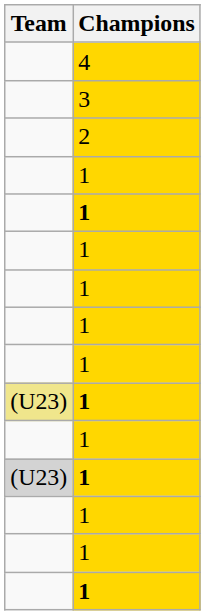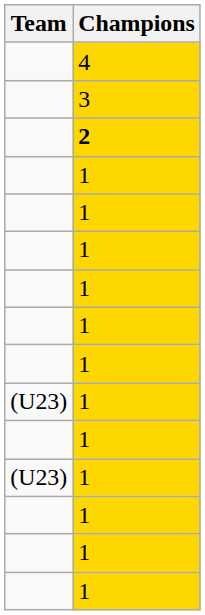 <table class="wikitable">
 <tr>
 <th>Team</th>
 <th>Champions</th>
 </tr>
 <tr>
 <td><strong></strong></td>
 <td style=background:gold>4</td>
 </tr>
 <tr>
 <td><strong></strong></td>
 <td style=background:gold>3</td>
 </tr>
 <tr>
 <td><strong></strong></td>
-<td style=background:gold>2</td>
-</tr>
-<tr>
-<td><strong></strong></td>
-<td style=background:gold>1</td>
-</tr>
-<tr>
-<td><strong></strong></td>
-<td style=background:gold><strong>1</strong></td>
+<td style=background:gold><strong>2</strong></td>
 </tr>
 <tr>
 <td><strong></strong></td>
 <td style=background:gold>1</td>
 </tr>
 <tr>
 <td><strong></strong></td>
 <td style=background:gold>1</td>
 </tr>
 <tr>
 <td><strong></strong></td>
 <td style=background:gold>1</td>
 </tr>
 <tr>
 <td><strong></strong></td>
 <td style=background:gold>1</td>
 </tr>
 <tr>
-<td style="background: khaki;"><strong></strong>  (U23)</td>
-<td style=background:gold><strong>1</strong></td>
+<td><strong></strong></td>
+<td style=background:gold>1</td>
 </tr>
 <tr>
 <td><strong></strong></td>
 <td style=background:gold>1</td>
 </tr>
 <tr>
-<td style="background: lightgrey;"><strong></strong> (U23)</td>
-<td style=background:gold><strong>1</strong></td>
+<td><strong></strong>  (U23)</td>
+<td style=background:gold>1</td>
+</tr>
+<tr>
+<td><strong></strong></td>
+<td style=background:gold>1</td>
+</tr>
+<tr>
+<td><strong></strong> (U23)</td>
+<td style=background:gold>1</td>
 </tr>
 <tr>
 <td><strong></strong></td>
 <td style=background:gold>1</td>
 </tr>
 <tr>
 <td><strong></strong></td>
 <td style=background:gold>1</td>
 </tr>
 <tr>
 <td><strong></strong></td>
-<td style=background:gold><strong>1</strong></td>
+<td style=background:gold>1</td>
 </tr>
 </table>
